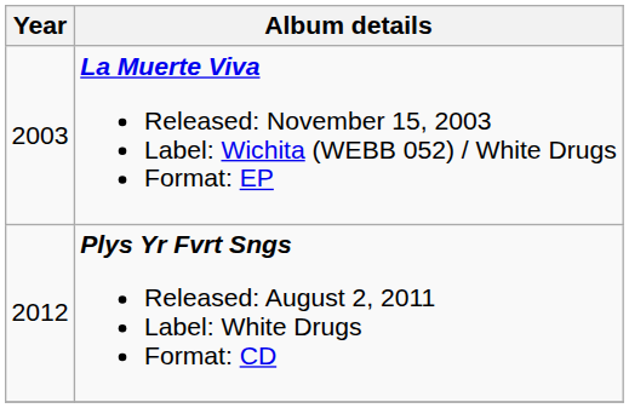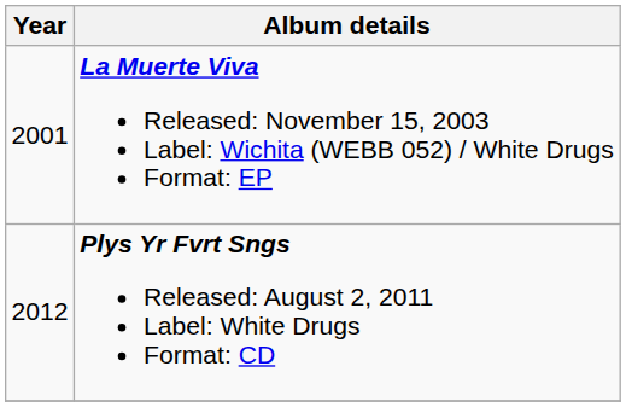 <table class ="wikitable">
 <tr>
 <th>Year</th>
 <th>Album details</th>
 </tr>
 <tr>
-<td>2003</td>
+<td>2001</td>
 <td><strong><em><a href='#'>La Muerte Viva</a></em></strong><br><ul><li>Released: November 15, 2003</li><li>Label: <a href='#'>Wichita</a> (WEBB 052) / White Drugs</li><li>Format: <a href='#'>EP</a></li></ul></td>
 </tr>
 <tr>
 <td>2012</td>
 <td><strong><em>Plys Yr Fvrt Sngs</em></strong><br><ul><li>Released: August 2, 2011</li><li>Label: White Drugs</li><li>Format: <a href='#'>CD</a></li></ul></td>
 </tr>
 <tr>
 </tr>
 </table>
